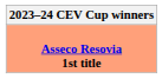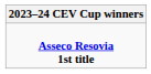 <table class="wikitable" style="text-align:center; margin:auto">
 <tr>
 <th>2023–24 CEV Cup winners</th>
 </tr>
 <tr>
-<td style="background: lightsalmon;"><br> <strong><a href='#'>Asseco Resovia</a></strong><br> <strong>1st title</strong></td>
+<td><br> <strong><a href='#'>Asseco Resovia</a></strong><br> <strong>1st title</strong></td>
 </tr>
 </table>
